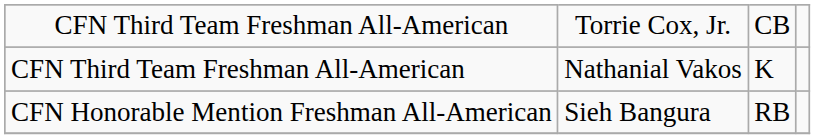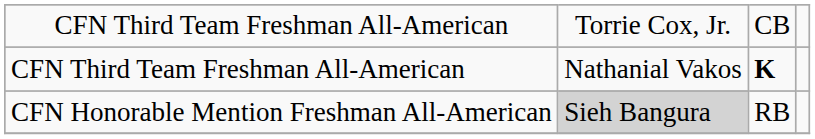 <table class="wikitable sortable" border="1">
 <tr align=center>
 <td>CFN Third Team Freshman All-American</td>
 <td>Torrie Cox, Jr.</td>
 <td>CB</td>
 <td></td>
 </tr>
 <tr>
 <td>CFN Third Team Freshman All-American</td>
 <td>Nathanial Vakos</td>
-<td>K</td>
+<td><strong>K</strong></td>
 <td></td>
 </tr>
 <tr>
 <td>CFN Honorable Mention Freshman All-American</td>
-<td>Sieh Bangura</td>
+<td style="background: lightgrey;">Sieh Bangura</td>
 <td>RB</td>
 <td></td>
 </tr>
 <tr>
 </tr>
 </table>
